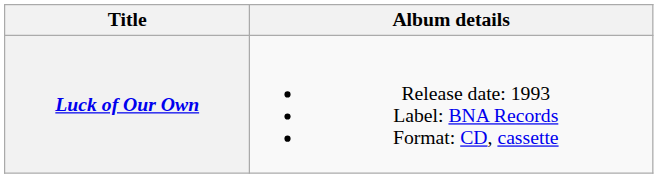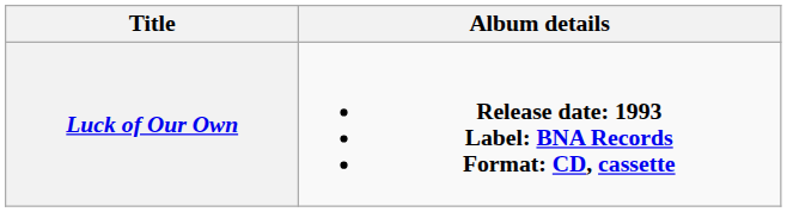 <table class="wikitable plainrowheaders" style="text-align:center;">
 <tr>
 <th style="width:12em;">Title</th>
 <th style="width:20em;">Album details</th>
 </tr>
 <tr>
 <th scope="row"><em><a href='#'>Luck of Our Own</a></em></th>
-<td><br><ul><li>Release date: 1993</li><li>Label: <a href='#'>BNA Records</a></li><li>Format: <a href='#'>CD</a>, <a href='#'>cassette</a></li></ul></td>
+<td><strong><br><ul><li>Release date: 1993</li><li>Label: <a href='#'>BNA Records</a></li><li>Format: <a href='#'>CD</a>, <a href='#'>cassette</a></li></ul></strong></td>
 </tr>
 </table>
